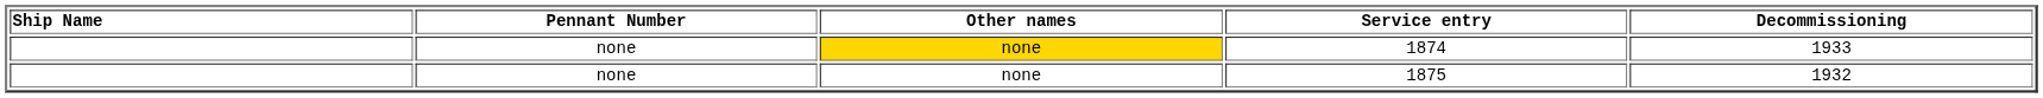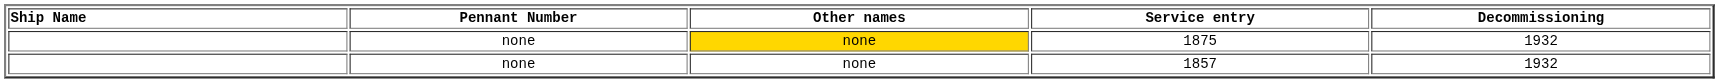 <table width="100%" border="2">
 <tr>
 <th width="16%" align="left">Ship Name</th>
 <th width="16%" align="center">Pennant Number</th>
 <th width="16%" align="center">Other names</th>
 <th width="16%" align="center">Service entry</th>
 <th width="16%" align="center">Decommissioning</th>
 </tr>
 <tr>
 <td align="center"></td>
 <td align="center">none</td>
 <td align="center" style="background: gold;">none</td>
-<td align="center">1874</td>
-<td align="center">1933</td>
+<td align="center">1875</td>
+<td align="center">1932</td>
 </tr>
 <tr>
 <td align="center"></td>
 <td align="center">none</td>
 <td align="center">none</td>
-<td align="center">1875</td>
+<td align="center">1857</td>
 <td align="center">1932</td>
 </tr>
 </table>
